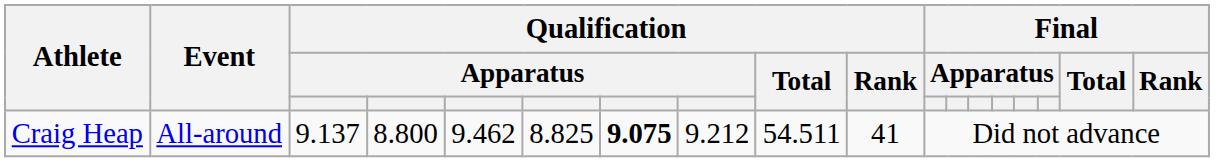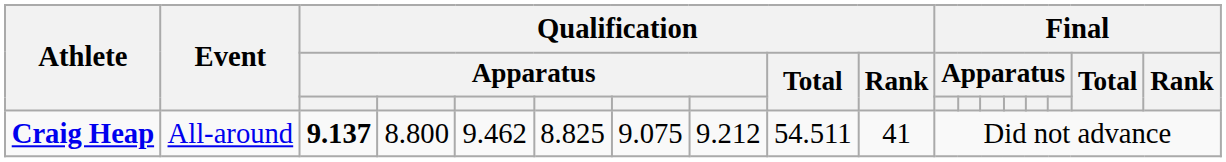 <table class="wikitable" style="font-size:90%">
 <tr>
 <th rowspan=3>Athlete</th>
 <th rowspan=3>Event</th>
 <th colspan =8>Qualification</th>
 <th colspan =8>Final</th>
 </tr>
 <tr style="font-size:95%">
 <th colspan=6>Apparatus</th>
 <th rowspan=2>Total</th>
 <th rowspan=2>Rank</th>
 <th colspan=6>Apparatus</th>
 <th rowspan=2>Total</th>
 <th rowspan=2>Rank</th>
 </tr>
 <tr style="font-size:95%">
 <th></th>
 <th></th>
 <th></th>
 <th></th>
 <th></th>
 <th></th>
 <th></th>
 <th></th>
 <th></th>
 <th></th>
 <th></th>
 <th></th>
 </tr>
 <tr align=center>
-<td align=left><a href='#'>Craig Heap</a></td>
+<td align=left><strong><a href='#'>Craig Heap</a></strong></td>
 <td align=left><a href='#'>All-around</a></td>
-<td>9.137</td>
+<td><strong>9.137</strong></td>
 <td>8.800</td>
 <td>9.462</td>
 <td>8.825</td>
-<td><strong>9.075</strong></td>
+<td>9.075</td>
 <td>9.212</td>
 <td>54.511</td>
 <td>41</td>
 <td colspan=8>Did not advance</td>
 </tr>
 </table>
